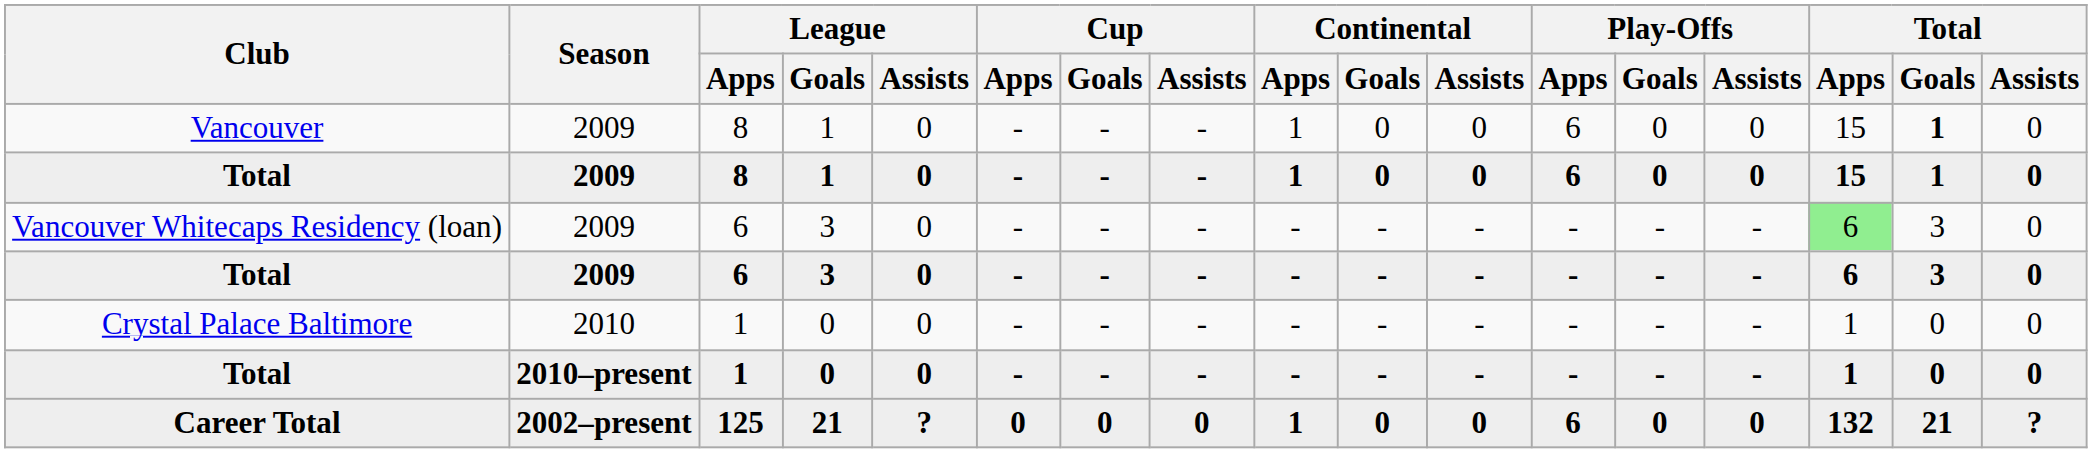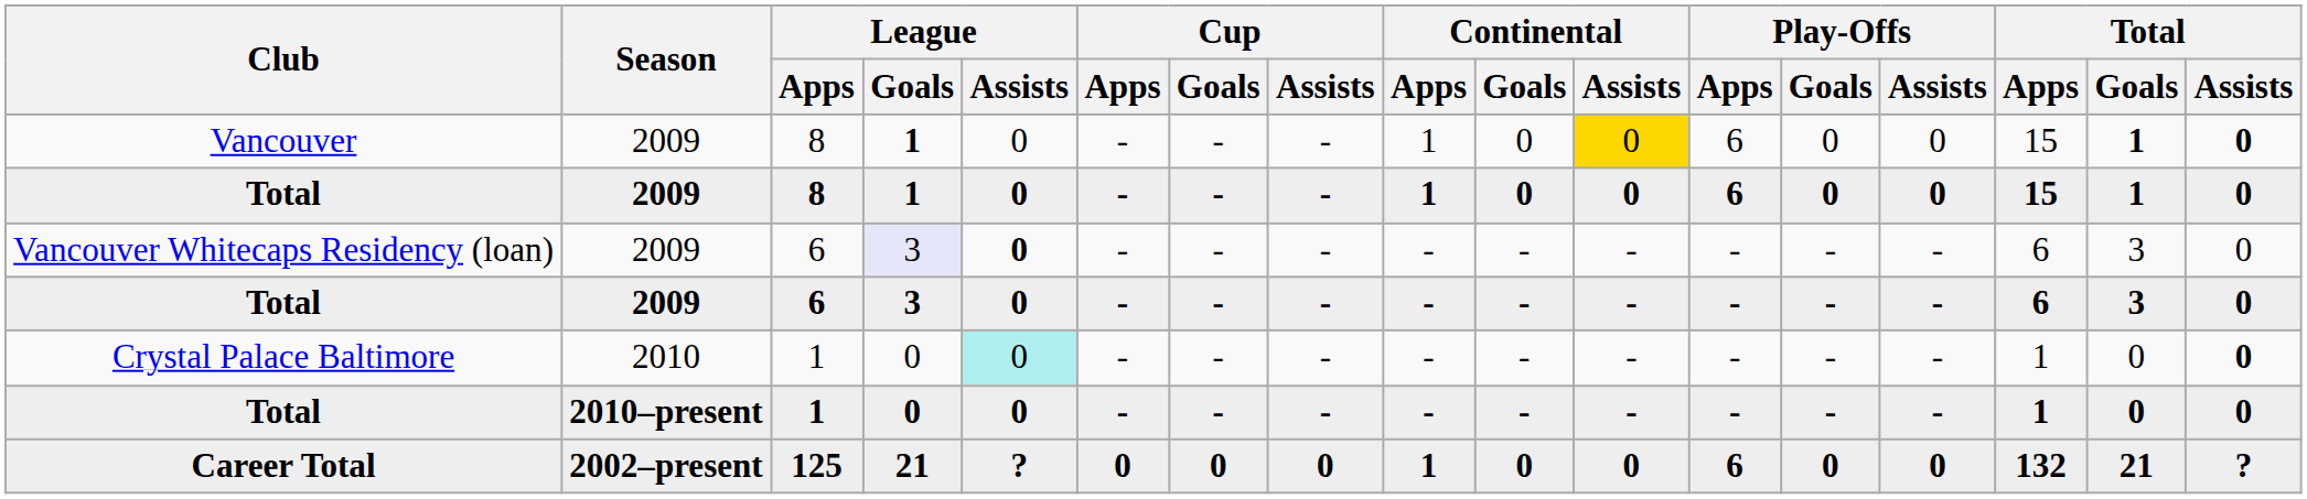 <table class="wikitable" style="text-align: center;">
 <tr>
 <th rowspan="2">Club</th>
 <th rowspan="2">Season</th>
 <th colspan="3">League</th>
 <th colspan="3">Cup</th>
 <th colspan="3">Continental</th>
 <th colspan="3">Play-Offs</th>
 <th colspan="3">Total</th>
 </tr>
 <tr>
 <th>Apps</th>
 <th>Goals</th>
 <th>Assists</th>
 <th>Apps</th>
 <th>Goals</th>
 <th>Assists</th>
 <th>Apps</th>
 <th>Goals</th>
 <th>Assists</th>
 <th>Apps</th>
 <th>Goals</th>
 <th>Assists</th>
 <th>Apps</th>
 <th>Goals</th>
 <th>Assists</th>
 </tr>
 <tr>
 <td rowspan="1" valign="top"><a href='#'>Vancouver</a></td>
 <td>2009</td>
 <td>8</td>
-<td>1</td>
+<td><strong>1</strong></td>
 <td>0</td>
 <td>-</td>
 <td>-</td>
 <td>-</td>
 <td>1</td>
 <td>0</td>
-<td>0</td>
+<td style="background: gold;">0</td>
 <td>6</td>
 <td>0</td>
 <td>0</td>
 <td>15</td>
 <td><strong>1</strong></td>
-<td>0</td>
+<td><strong>0</strong></td>
 </tr>
 <tr style="font-weight:bold; background-color:#eeeeee;">
 <td><strong>Total</strong></td>
 <td>2009</td>
 <td>8</td>
 <td>1</td>
 <td>0</td>
 <td>-</td>
 <td>-</td>
 <td>-</td>
 <td>1</td>
 <td>0</td>
 <td>0</td>
 <td>6</td>
 <td>0</td>
 <td>0</td>
 <td>15</td>
 <td>1</td>
 <td>0</td>
 </tr>
 <tr>
 <td><a href='#'>Vancouver Whitecaps Residency</a> (loan)</td>
 <td>2009</td>
 <td>6</td>
-<td>3</td>
-<td>0</td>
+<td style="background: lavender;">3</td>
+<td><strong>0</strong></td>
 <td>-</td>
 <td>-</td>
 <td>-</td>
 <td>-</td>
 <td>-</td>
 <td>-</td>
 <td>-</td>
 <td>-</td>
 <td>-</td>
-<td style="background: lightgreen;">6</td>
+<td>6</td>
 <td>3</td>
 <td>0</td>
 </tr>
 <tr style="font-weight:bold; background-color:#eeeeee;">
 <td><strong>Total</strong></td>
 <td>2009</td>
 <td>6</td>
 <td>3</td>
 <td>0</td>
 <td>-</td>
 <td>-</td>
 <td>-</td>
 <td>-</td>
 <td>-</td>
 <td>-</td>
 <td>-</td>
 <td>-</td>
 <td>-</td>
 <td>6</td>
 <td>3</td>
 <td>0</td>
 </tr>
 <tr>
 <td><a href='#'>Crystal Palace Baltimore</a></td>
 <td>2010</td>
 <td>1</td>
 <td>0</td>
-<td>0</td>
+<td style="background: paleturquoise;">0</td>
 <td>-</td>
 <td>-</td>
 <td>-</td>
 <td>-</td>
 <td>-</td>
 <td>-</td>
 <td>-</td>
 <td>-</td>
 <td>-</td>
 <td>1</td>
 <td>0</td>
-<td>0</td>
+<td><strong>0</strong></td>
 </tr>
 <tr style="font-weight:bold; background-color:#eeeeee;">
 <td><strong>Total</strong></td>
 <td>2010–present</td>
 <td>1</td>
 <td>0</td>
 <td>0</td>
 <td>-</td>
 <td>-</td>
 <td>-</td>
 <td>-</td>
 <td>-</td>
 <td>-</td>
 <td>-</td>
 <td>-</td>
 <td>-</td>
 <td>1</td>
 <td>0</td>
 <td>0</td>
 </tr>
 <tr style="font-weight:bold; background-color:#eeeeee;">
 <td><strong>Career Total</strong></td>
 <td>2002–present</td>
 <td>125</td>
 <td>21</td>
 <td>?</td>
 <td>0</td>
 <td>0</td>
 <td>0</td>
 <td>1</td>
 <td>0</td>
 <td>0</td>
 <td>6</td>
 <td>0</td>
 <td>0</td>
 <td>132</td>
 <td>21</td>
 <td>?</td>
 </tr>
 </table>
